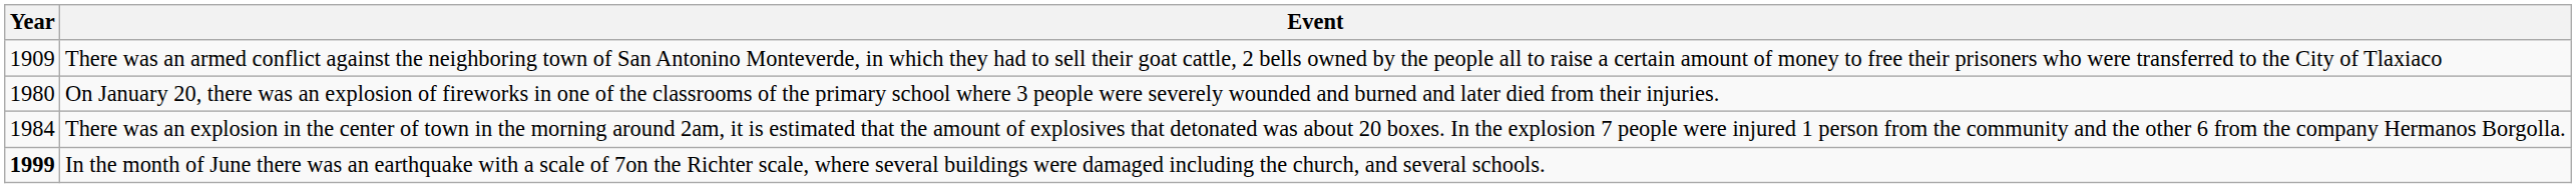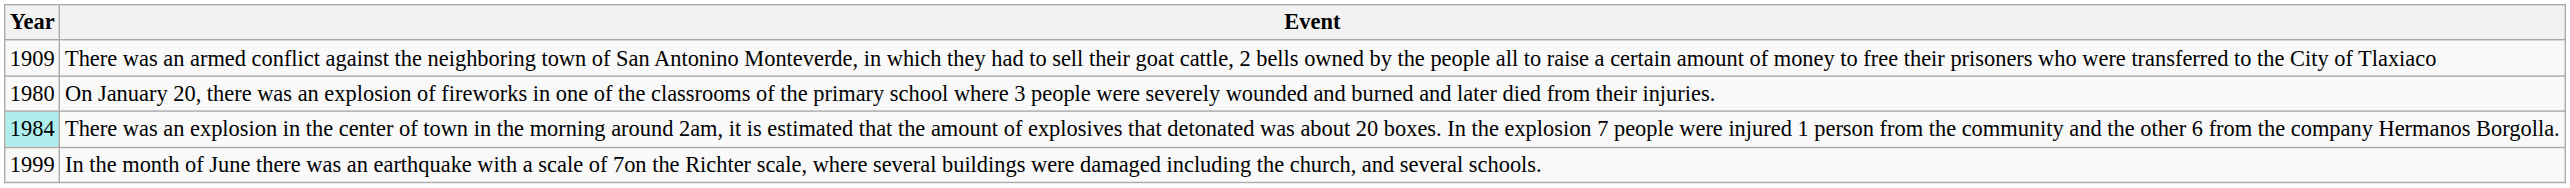 <table class="wikitable">
 <tr>
 <th>Year</th>
 <th>Event</th>
 </tr>
 <tr>
 <td>1909</td>
 <td>There was an armed conflict against the neighboring town of San Antonino Monteverde, in which they had to sell their goat cattle, 2 bells owned by the people all to raise a certain amount of money to free their prisoners who were transferred to the City of Tlaxiaco</td>
 </tr>
 <tr>
 <td>1980</td>
 <td>On January 20, there was an explosion of fireworks in one of the classrooms of the primary school where 3 people were severely wounded and burned and later died from their injuries.</td>
 </tr>
 <tr>
-<td>1984</td>
+<td style="background: paleturquoise;">1984</td>
 <td>There was an explosion in the center of town in the morning around 2am, it is estimated that the amount of explosives that detonated was about 20 boxes. In the explosion 7 people were injured 1 person from the community and the other 6 from the company Hermanos Borgolla.</td>
 </tr>
 <tr>
-<td><strong>1999</strong></td>
+<td>1999</td>
 <td>In the month of June there was an earthquake with a scale of 7on the Richter scale, where several buildings were damaged including the church, and several schools.</td>
 </tr>
 </table>
